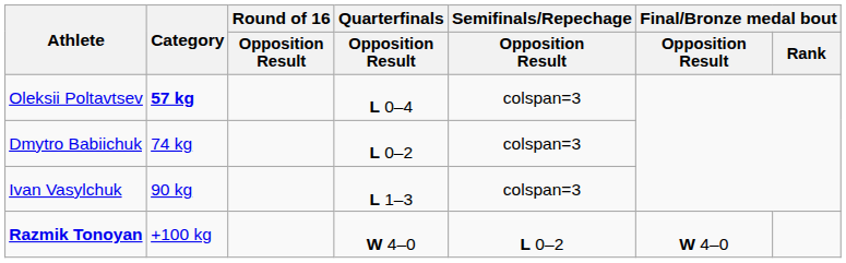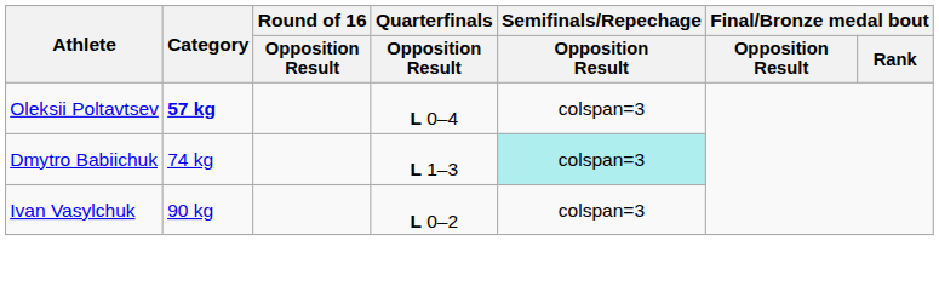 <table class="wikitable" style="text-align:center; font-size:90%">
 <tr>
 <th rowspan=2>Athlete</th>
 <th rowspan=2>Category</th>
 <th>Round of 16</th>
 <th>Quarterfinals</th>
 <th>Semifinals/Repechage</th>
 <th colspan=2>Final/Bronze medal bout</th>
 </tr>
 <tr style="font-size:95%">
 <th>Opposition<br>Result</th>
 <th>Opposition<br>Result</th>
 <th>Opposition<br>Result</th>
 <th>Opposition<br>Result</th>
 <th>Rank</th>
 </tr>
 <tr>
 <td align=left><a href='#'>Oleksii Poltavtsev</a></td>
 <td align=left><strong><a href='#'>57 kg</a></strong></td>
 <td></td>
 <td><br> <strong>L</strong> 0–4</td>
 <td>colspan=3 </td>
 </tr>
 <tr>
 <td align=left><a href='#'>Dmytro Babiichuk</a></td>
 <td align=left><a href='#'>74 kg</a></td>
 <td></td>
-<td><br> <strong>L</strong> 0–2</td>
-<td>colspan=3 </td>
+<td><br> <strong>L</strong> 1–3</td>
+<td style="background: paleturquoise;">colspan=3 </td>
 </tr>
 <tr>
 <td align=left><a href='#'>Ivan Vasylchuk</a></td>
 <td align=left><a href='#'>90 kg</a></td>
 <td></td>
-<td><br> <strong>L</strong> 1–3</td>
+<td><br> <strong>L</strong> 0–2</td>
 <td>colspan=3 </td>
 </tr>
-<tr>
-<td align=left><strong><a href='#'>Razmik Tonoyan</a></strong></td>
-<td align=left><a href='#'>+100 kg</a></td>
-<td></td>
-<td><br> <strong>W</strong> 4–0</td>
-<td><br> <strong>L</strong> 0–2</td>
-<td><br> <strong>W</strong> 4–0</td>
-<td></td>
-</tr>
 </table>
